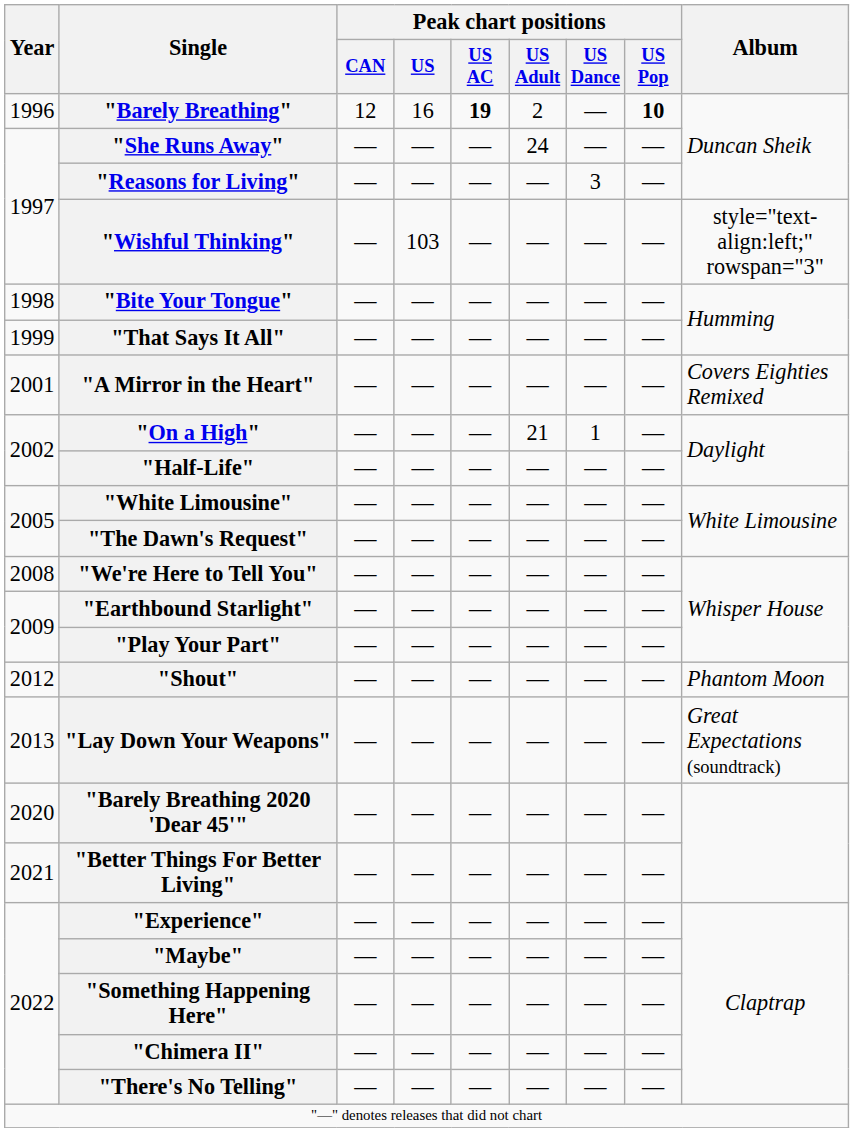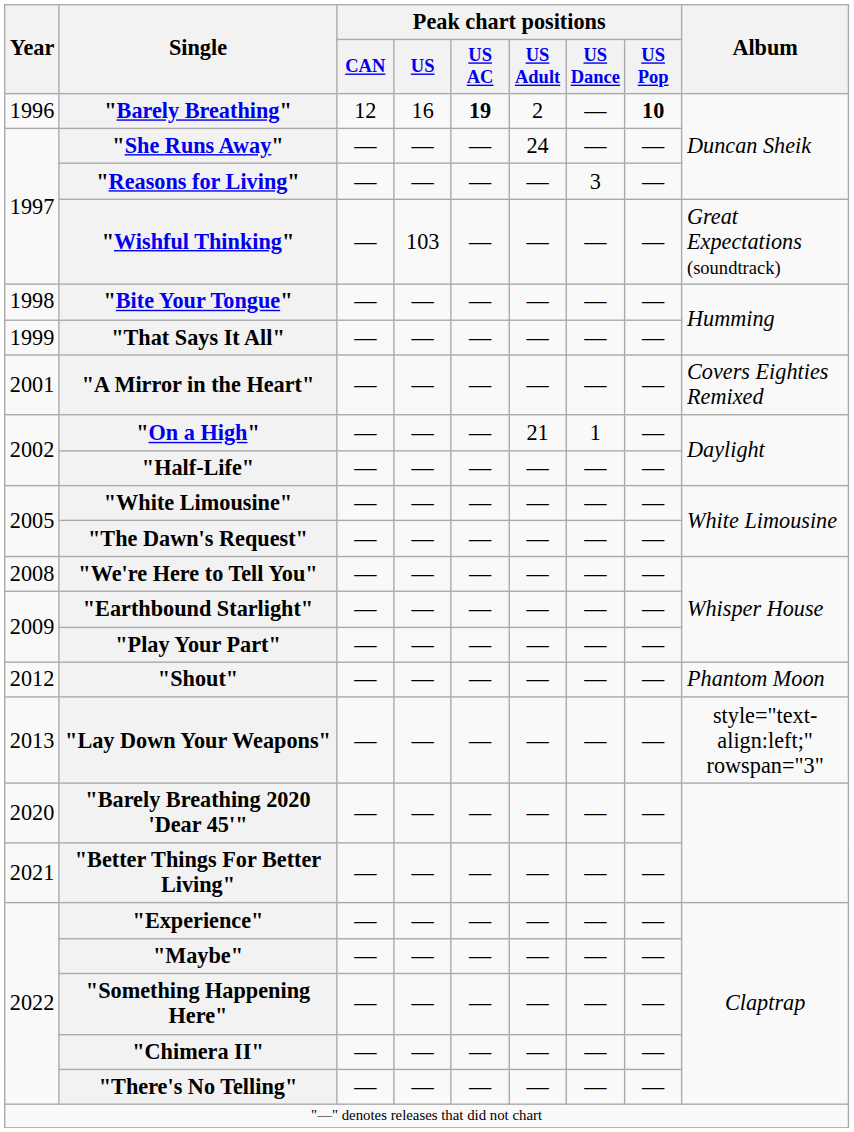 <table class="wikitable plainrowheaders" style="text-align:center;">
 <tr>
 <th rowspan="2">Year</th>
 <th rowspan="2" style="width:12em;">Single</th>
 <th colspan="6">Peak chart positions</th>
 <th rowspan="2">Album</th>
 </tr>
 <tr style="font-size:smaller;">
 <th style="width:35px;"><a href='#'>CAN</a><br></th>
 <th style="width:35px;"><a href='#'>US</a><br></th>
 <th style="width:35px;"><a href='#'>US AC</a><br></th>
 <th style="width:35px;"><a href='#'>US Adult</a><br></th>
 <th style="width:35px;"><a href='#'>US Dance</a><br></th>
 <th style="width:35px;"><a href='#'>US Pop</a><br></th>
 </tr>
 <tr>
 <td>1996</td>
 <th scope="row">"<a href='#'>Barely Breathing</a>"</th>
 <td>12</td>
 <td>16</td>
 <td><strong>19</strong></td>
 <td>2</td>
 <td>—</td>
 <td><strong>10</strong></td>
 <td style="text-align:left;" rowspan="3"><em>Duncan Sheik</em></td>
 </tr>
 <tr>
 <td rowspan="3">1997</td>
 <th scope="row">"<a href='#'>She Runs Away</a>"</th>
 <td>—</td>
 <td>—</td>
 <td>—</td>
 <td>24</td>
 <td>—</td>
 <td>—</td>
 </tr>
 <tr>
 <th scope="row">"<a href='#'>Reasons for Living</a>"</th>
 <td>—</td>
 <td>—</td>
 <td>—</td>
 <td>—</td>
 <td>3</td>
 <td>—</td>
 </tr>
 <tr>
 <th scope="row">"<a href='#'>Wishful Thinking</a>"</th>
 <td>—</td>
 <td>103</td>
 <td>—</td>
 <td>—</td>
 <td>—</td>
 <td>—</td>
-<td>style="text-align:left;" rowspan="3" </td>
+<td style="text-align:left;"><em>Great Expectations</em> <small>(soundtrack)</small></td>
 </tr>
 <tr>
 <td>1998</td>
 <th scope="row">"<a href='#'>Bite Your Tongue</a>"</th>
 <td>—</td>
 <td>—</td>
 <td>—</td>
 <td>—</td>
 <td>—</td>
 <td>—</td>
 <td style="text-align:left;" rowspan="2"><em>Humming</em></td>
 </tr>
 <tr>
 <td>1999</td>
 <th scope="row">"That Says It All"</th>
 <td>—</td>
 <td>—</td>
 <td>—</td>
 <td>—</td>
 <td>—</td>
 <td>—</td>
 </tr>
 <tr>
 <td>2001</td>
 <th scope="row">"A Mirror in the Heart"</th>
 <td>—</td>
 <td>—</td>
 <td>—</td>
 <td>—</td>
 <td>—</td>
 <td>—</td>
 <td style="text-align:left;"><em>Covers Eighties Remixed</em></td>
 </tr>
 <tr>
 <td rowspan="2">2002</td>
 <th scope="row">"<a href='#'>On a High</a>"</th>
 <td>—</td>
 <td>—</td>
 <td>—</td>
 <td>21</td>
 <td>1</td>
 <td>—</td>
 <td style="text-align:left;" rowspan="2"><em>Daylight</em></td>
 </tr>
 <tr>
 <th scope="row">"Half-Life"</th>
 <td>—</td>
 <td>—</td>
 <td>—</td>
 <td>—</td>
 <td>—</td>
 <td>—</td>
 </tr>
 <tr>
 <td rowspan="2">2005</td>
 <th scope="row">"White Limousine"</th>
 <td>—</td>
 <td>—</td>
 <td>—</td>
 <td>—</td>
 <td>—</td>
 <td>—</td>
 <td style="text-align:left;" rowspan="2"><em>White Limousine</em></td>
 </tr>
 <tr>
 <th scope="row">"The Dawn's Request"</th>
 <td>—</td>
 <td>—</td>
 <td>—</td>
 <td>—</td>
 <td>—</td>
 <td>—</td>
 </tr>
 <tr>
 <td>2008</td>
 <th scope="row">"We're Here to Tell You"</th>
 <td>—</td>
 <td>—</td>
 <td>—</td>
 <td>—</td>
 <td>—</td>
 <td>—</td>
 <td style="text-align:left;" rowspan="3"><em>Whisper House</em></td>
 </tr>
 <tr>
 <td rowspan="2">2009</td>
 <th scope="row">"Earthbound Starlight"</th>
 <td>—</td>
 <td>—</td>
 <td>—</td>
 <td>—</td>
 <td>—</td>
 <td>—</td>
 </tr>
 <tr>
 <th scope="row">"Play Your Part"</th>
 <td>—</td>
 <td>—</td>
 <td>—</td>
 <td>—</td>
 <td>—</td>
 <td>—</td>
 </tr>
 <tr>
 <td>2012</td>
 <th scope="row">"Shout"</th>
 <td>—</td>
 <td>—</td>
 <td>—</td>
 <td>—</td>
 <td>—</td>
 <td>—</td>
 <td style="text-align:left;"><em>Phantom Moon</em></td>
 </tr>
 <tr>
 <td>2013</td>
 <th scope="row">"Lay Down Your Weapons"</th>
 <td>—</td>
 <td>—</td>
 <td>—</td>
 <td>—</td>
 <td>—</td>
 <td>—</td>
-<td style="text-align:left;"><em>Great Expectations</em> <small>(soundtrack)</small></td>
+<td>style="text-align:left;" rowspan="3" </td>
 </tr>
 <tr>
 <td>2020</td>
 <th scope="row">"Barely Breathing 2020 'Dear 45'"</th>
 <td>—</td>
 <td>—</td>
 <td>—</td>
 <td>—</td>
 <td>—</td>
 <td>—</td>
 </tr>
 <tr>
 <td>2021</td>
 <th scope="row">"Better Things For Better Living"<br></th>
 <td>—</td>
 <td>—</td>
 <td>—</td>
 <td>—</td>
 <td>—</td>
 <td>—</td>
 </tr>
 <tr>
 <td rowspan="5">2022</td>
 <th scope="row">"Experience"</th>
 <td>—</td>
 <td>—</td>
 <td>—</td>
 <td>—</td>
 <td>—</td>
 <td>—</td>
 <td rowspan="5"><em>Claptrap</td>
 </tr>
 <tr>
 <th scope="row">"Maybe"</th>
 <td>—</td>
 <td>—</td>
 <td>—</td>
 <td>—</td>
 <td>—</td>
 <td>—</td>
 </tr>
 <tr>
 <th scope="row">"Something Happening Here"</th>
 <td>—</td>
 <td>—</td>
 <td>—</td>
 <td>—</td>
 <td>—</td>
 <td>—</td>
 </tr>
 <tr>
 <th scope="row">"Chimera II"<br></th>
 <td>—</td>
 <td>—</td>
 <td>—</td>
 <td>—</td>
 <td>—</td>
 <td>—</td>
 </tr>
 <tr>
 <th scope="row">"There's No Telling"</th>
 <td>—</td>
 <td>—</td>
 <td>—</td>
 <td>—</td>
 <td>—</td>
 <td>—</td>
 </tr>
 <tr>
 <td colspan="10" style="font-size:8pt">"—" denotes releases that did not chart</td>
 </tr>
 </table>
